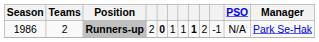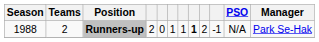 <table class="wikitable" style="text-align:center">
 <tr>
 <th>Season</th>
 <th>Teams</th>
 <th>Position</th>
 <th></th>
 <th></th>
 <th></th>
 <th></th>
 <th></th>
 <th></th>
 <th></th>
 <th><a href='#'>PSO</a></th>
 <th>Manager</th>
 </tr>
 <tr>
-<td>1986</td>
+<td>1988</td>
 <td>2</td>
 <td bgcolor=silver><strong>Runners-up</strong></td>
 <td>2</td>
-<td><strong>0</strong></td>
+<td>0</td>
 <td>1</td>
 <td>1</td>
 <td><strong>1</strong></td>
 <td>2</td>
 <td align=right>-1</td>
 <td>N/A</td>
 <td> <a href='#'>Park Se-Hak</a></td>
 </tr>
 <tr>
 </tr>
 </table>
